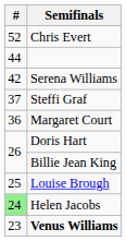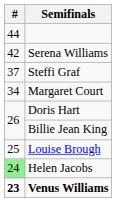 <table class="wikitable" style="display:inline-table">
 <tr>
 <th style="width:20px;">#</th>
 <th>Semifinals</th>
-</tr>
-<tr>
-<td>52</td>
-<td> Chris Evert</td>
 </tr>
 <tr>
 <td>44</td>
 <td></td>
 </tr>
 <tr>
 <td>42</td>
 <td> Serena Williams</td>
 </tr>
 <tr>
 <td>37</td>
 <td> Steffi Graf</td>
 </tr>
 <tr>
-<td>36</td>
+<td>34</td>
 <td> Margaret Court</td>
 </tr>
 <tr>
 <td rowspan="2">26</td>
 <td> Doris Hart</td>
 </tr>
 <tr>
 <td> Billie Jean King</td>
 </tr>
 <tr>
 <td>25</td>
 <td> <a href='#'>Louise Brough</a></td>
 </tr>
 <tr>
 <td style="background: lightgreen;">24</td>
 <td> Helen Jacobs</td>
 </tr>
 <tr>
-<td>23</td>
+<td><strong>23</strong></td>
 <td> <strong>Venus Williams</strong></td>
 </tr>
 </table>
